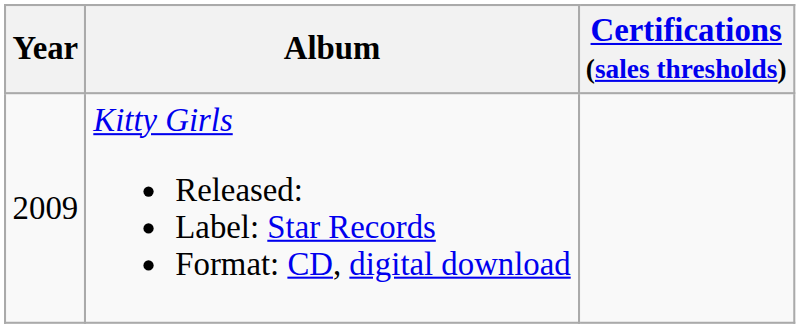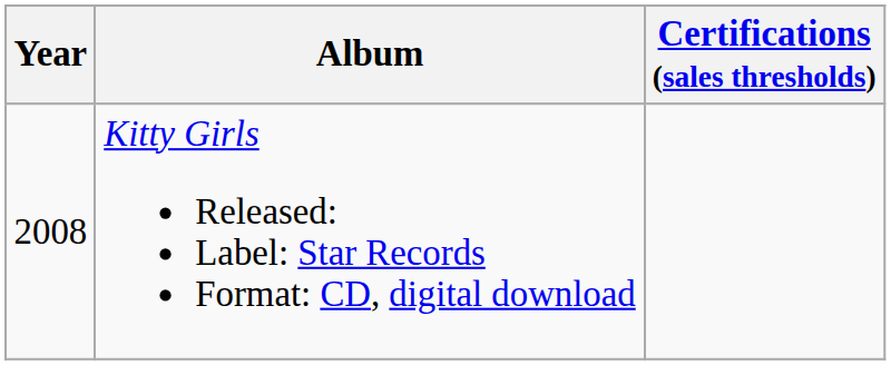 <table class="wikitable">
 <tr>
 <th>Year</th>
 <th>Album</th>
 <th><a href='#'>Certifications</a><br><small>(<a href='#'>sales thresholds</a>)</small></th>
 </tr>
 <tr>
-<td>2009</td>
+<td>2008</td>
 <td><em><a href='#'>Kitty Girls</a></em><br><ul><li>Released:</li><li>Label: <a href='#'>Star Records</a></li><li>Format: <a href='#'>CD</a>, <a href='#'>digital download</a></li></ul></td>
 <td></td>
 </tr>
 </table>
